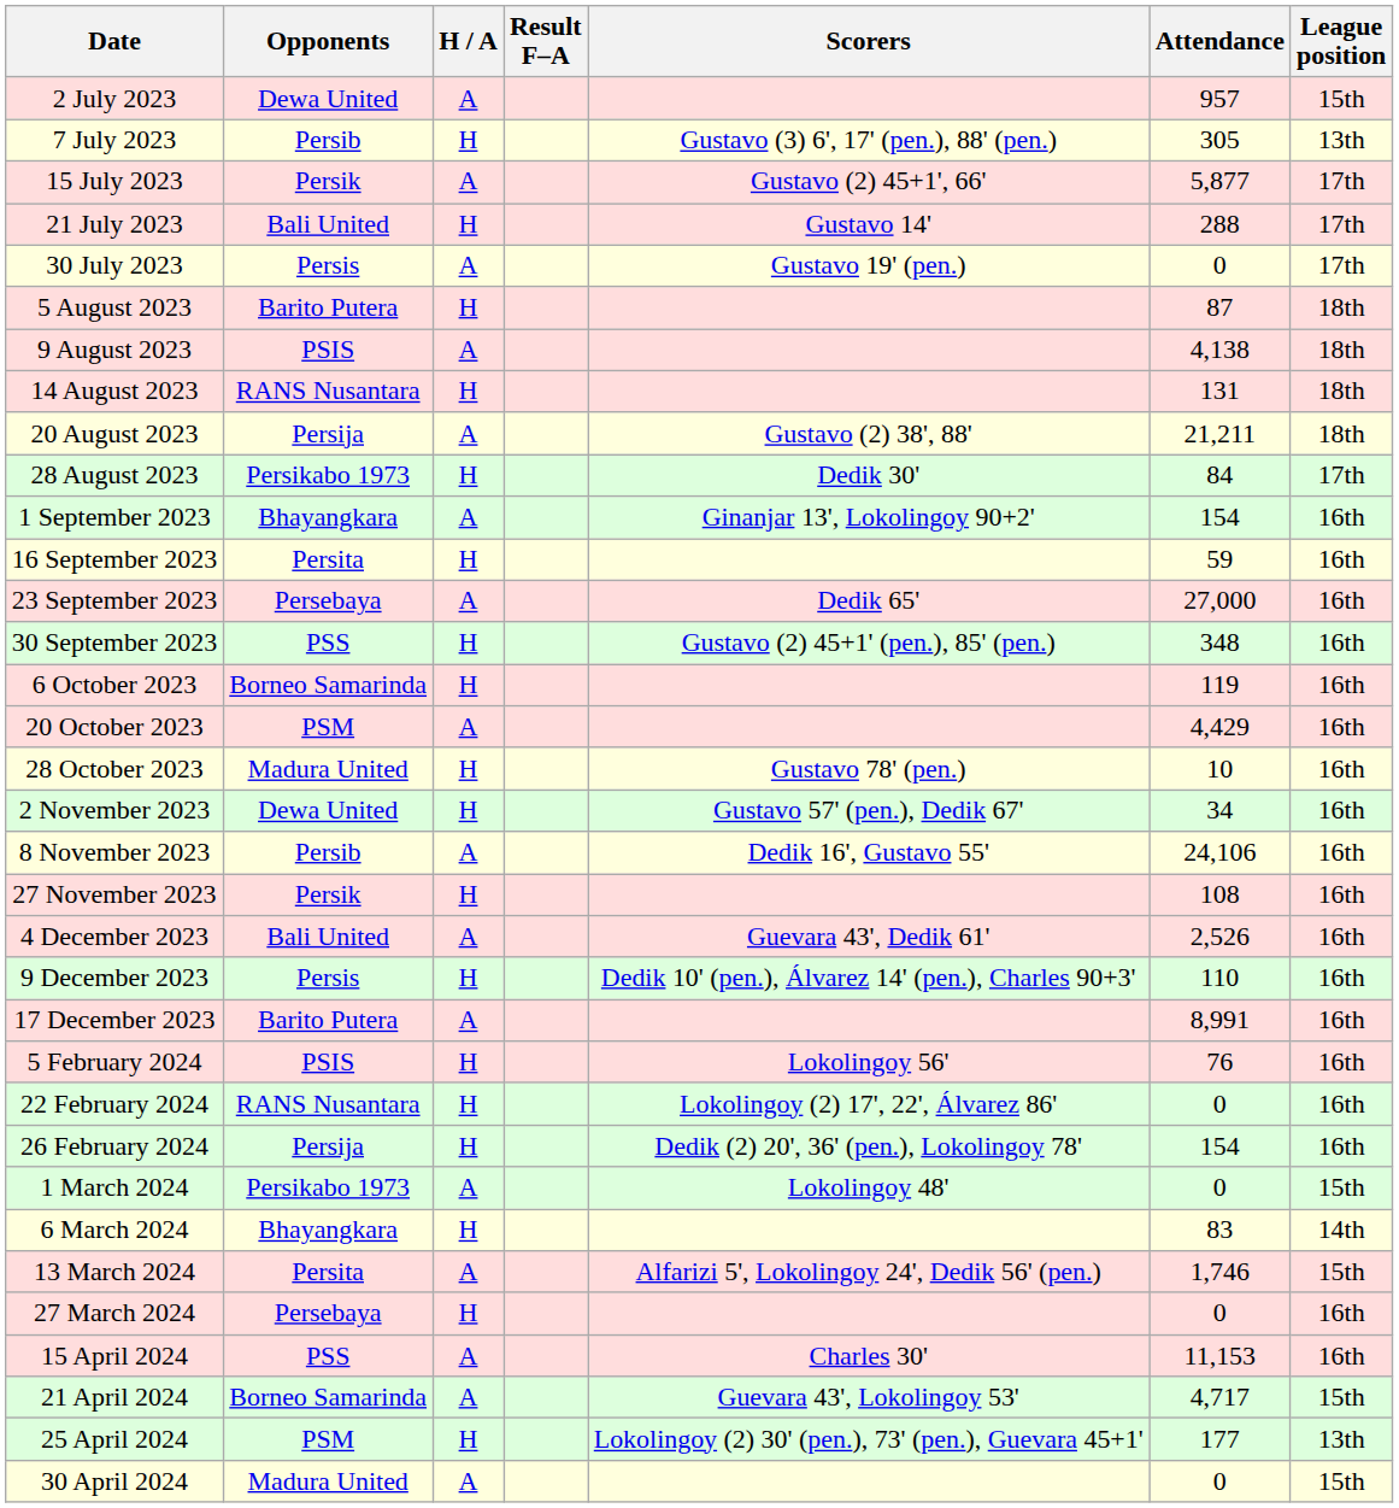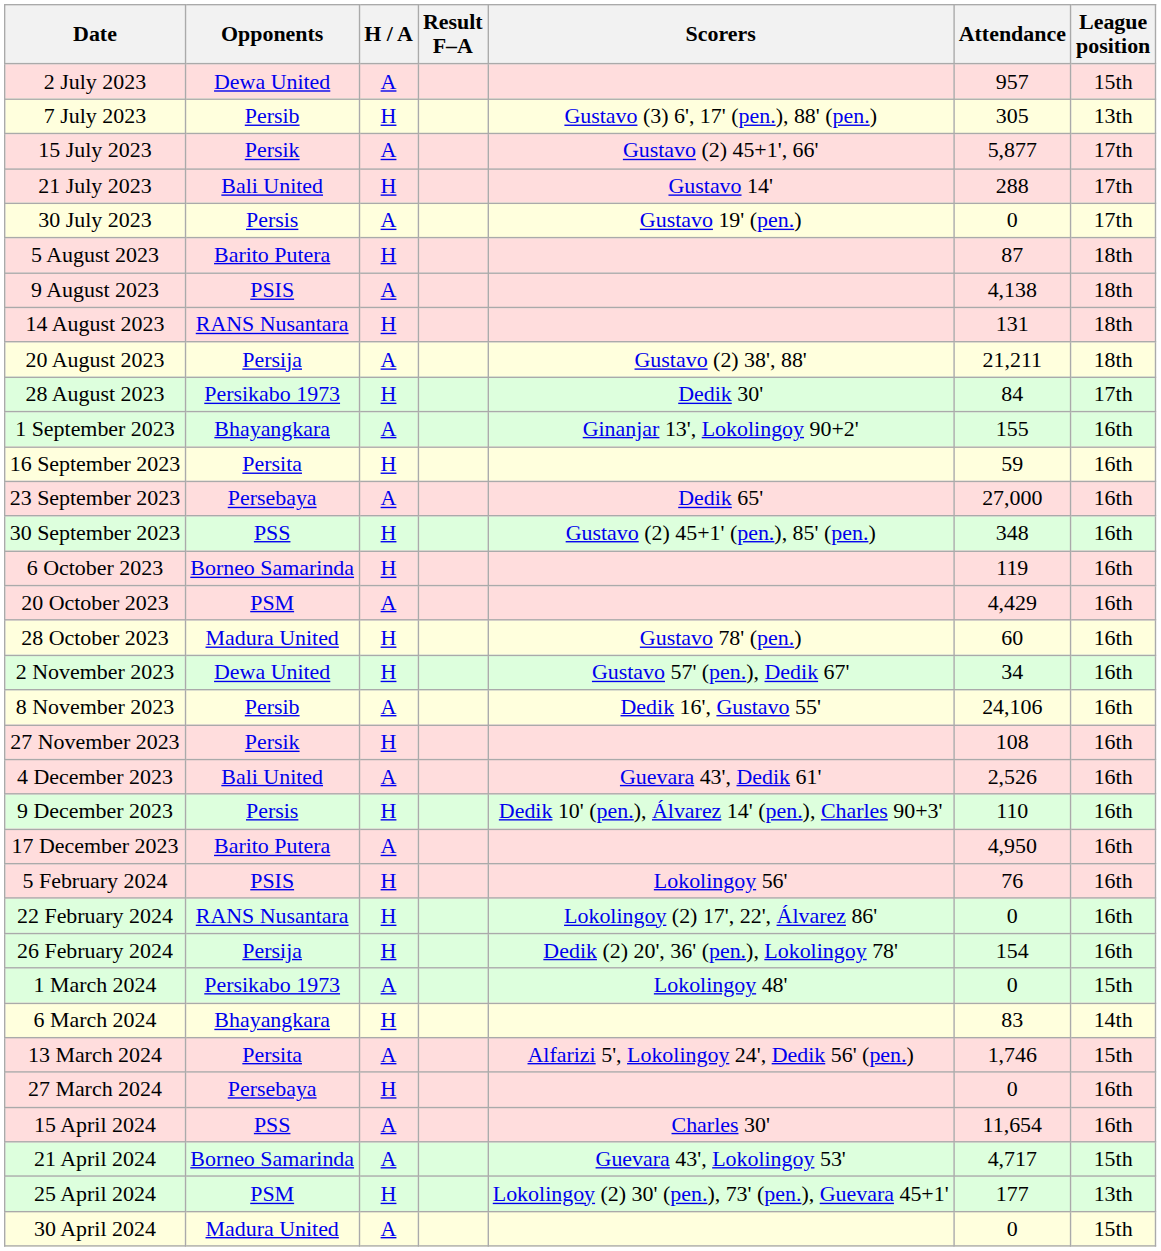 <table class="wikitable" style="text-align:center">
 <tr>
 <th>Date</th>
 <th>Opponents</th>
 <th>H / A</th>
 <th>Result<br>F–A</th>
 <th>Scorers</th>
 <th>Attendance</th>
 <th>League<br>position</th>
 </tr>
 <tr style="background:#ffdddd">
 <td>2 July 2023</td>
 <td><a href='#'>Dewa United</a></td>
 <td><a href='#'>A</a></td>
 <td></td>
 <td></td>
 <td>957</td>
 <td>15th</td>
 </tr>
 <tr style="background:#ffffdd">
 <td>7 July 2023</td>
 <td><a href='#'>Persib</a></td>
 <td><a href='#'>H</a></td>
 <td></td>
 <td><a href='#'>Gustavo</a> (3) 6', 17' (<a href='#'>pen.</a>), 88' (<a href='#'>pen.</a>)</td>
 <td>305</td>
 <td>13th</td>
 </tr>
 <tr style="background:#ffdddd">
 <td>15 July 2023</td>
 <td><a href='#'>Persik</a></td>
 <td><a href='#'>A</a></td>
 <td></td>
 <td><a href='#'>Gustavo</a> (2) 45+1', 66'</td>
 <td>5,877</td>
 <td>17th</td>
 </tr>
 <tr style="background:#ffdddd">
 <td>21 July 2023</td>
 <td><a href='#'>Bali United</a></td>
 <td><a href='#'>H</a></td>
 <td></td>
 <td><a href='#'>Gustavo</a> 14'</td>
 <td>288</td>
 <td>17th</td>
 </tr>
 <tr style="background:#ffffdd">
 <td>30 July 2023</td>
 <td><a href='#'>Persis</a></td>
 <td><a href='#'>A</a></td>
 <td></td>
 <td><a href='#'>Gustavo</a> 19' (<a href='#'>pen.</a>)</td>
 <td>0</td>
 <td>17th</td>
 </tr>
 <tr style="background:#ffdddd">
 <td>5 August 2023</td>
 <td><a href='#'>Barito Putera</a></td>
 <td><a href='#'>H</a></td>
 <td></td>
 <td></td>
 <td>87</td>
 <td>18th</td>
 </tr>
 <tr style="background:#ffdddd">
 <td>9 August 2023</td>
 <td><a href='#'>PSIS</a></td>
 <td><a href='#'>A</a></td>
 <td></td>
 <td></td>
 <td>4,138</td>
 <td>18th</td>
 </tr>
 <tr style="background:#ffdddd">
 <td>14 August 2023</td>
 <td><a href='#'>RANS Nusantara</a></td>
 <td><a href='#'>H</a></td>
 <td></td>
 <td></td>
 <td>131</td>
 <td>18th</td>
 </tr>
 <tr style="background:#ffffdd">
 <td>20 August 2023</td>
 <td><a href='#'>Persija</a></td>
 <td><a href='#'>A</a></td>
 <td></td>
 <td><a href='#'>Gustavo</a> (2) 38', 88'</td>
 <td>21,211</td>
 <td>18th</td>
 </tr>
 <tr style="background:#ddffdd">
 <td>28 August 2023</td>
 <td><a href='#'>Persikabo 1973</a></td>
 <td><a href='#'>H</a></td>
 <td></td>
 <td><a href='#'>Dedik</a> 30'</td>
 <td>84</td>
 <td>17th</td>
 </tr>
 <tr style="background:#ddffdd">
 <td>1 September 2023</td>
 <td><a href='#'>Bhayangkara</a></td>
 <td><a href='#'>A</a></td>
 <td></td>
 <td><a href='#'>Ginanjar</a> 13', <a href='#'>Lokolingoy</a> 90+2'</td>
-<td>154</td>
+<td>155</td>
 <td>16th</td>
 </tr>
 <tr style="background:#ffffdd">
 <td>16 September 2023</td>
 <td><a href='#'>Persita</a></td>
 <td><a href='#'>H</a></td>
 <td></td>
 <td></td>
 <td>59</td>
 <td>16th</td>
 </tr>
 <tr style="background:#ffdddd">
 <td>23 September 2023</td>
 <td><a href='#'>Persebaya</a></td>
 <td><a href='#'>A</a></td>
 <td></td>
 <td><a href='#'>Dedik</a> 65'</td>
 <td>27,000</td>
 <td>16th</td>
 </tr>
 <tr style="background:#ddffdd">
 <td>30 September 2023</td>
 <td><a href='#'>PSS</a></td>
 <td><a href='#'>H</a></td>
 <td></td>
 <td><a href='#'>Gustavo</a> (2) 45+1' (<a href='#'>pen.</a>), 85' (<a href='#'>pen.</a>)</td>
 <td>348</td>
 <td>16th</td>
 </tr>
 <tr style="background:#ffdddd">
 <td>6 October 2023</td>
 <td><a href='#'>Borneo Samarinda</a></td>
 <td><a href='#'>H</a></td>
 <td></td>
 <td></td>
 <td>119</td>
 <td>16th</td>
 </tr>
 <tr style="background:#ffdddd">
 <td>20 October 2023</td>
 <td><a href='#'>PSM</a></td>
 <td><a href='#'>A</a></td>
 <td></td>
 <td></td>
 <td>4,429</td>
 <td>16th</td>
 </tr>
 <tr style="background:#ffffdd">
 <td>28 October 2023</td>
 <td><a href='#'>Madura United</a></td>
 <td><a href='#'>H</a></td>
 <td></td>
 <td><a href='#'>Gustavo</a> 78' (<a href='#'>pen.</a>)</td>
-<td>10</td>
+<td>60</td>
 <td>16th</td>
 </tr>
 <tr style="background:#ddffdd">
 <td>2 November 2023</td>
 <td><a href='#'>Dewa United</a></td>
 <td><a href='#'>H</a></td>
 <td></td>
 <td><a href='#'>Gustavo</a> 57' (<a href='#'>pen.</a>), <a href='#'>Dedik</a> 67'</td>
 <td>34</td>
 <td>16th</td>
 </tr>
 <tr style="background:#ffffdd">
 <td>8 November 2023</td>
 <td><a href='#'>Persib</a></td>
 <td><a href='#'>A</a></td>
 <td></td>
 <td><a href='#'>Dedik</a> 16', <a href='#'>Gustavo</a> 55'</td>
 <td>24,106</td>
 <td>16th</td>
 </tr>
 <tr style="background:#ffdddd">
 <td>27 November 2023</td>
 <td><a href='#'>Persik</a></td>
 <td><a href='#'>H</a></td>
 <td></td>
 <td></td>
 <td>108</td>
 <td>16th</td>
 </tr>
 <tr style="background:#ffdddd">
 <td>4 December 2023</td>
 <td><a href='#'>Bali United</a></td>
 <td><a href='#'>A</a></td>
 <td></td>
 <td><a href='#'>Guevara</a> 43', <a href='#'>Dedik</a> 61'</td>
 <td>2,526</td>
 <td>16th</td>
 </tr>
 <tr style="background:#ddffdd">
 <td>9 December 2023</td>
 <td><a href='#'>Persis</a></td>
 <td><a href='#'>H</a></td>
 <td></td>
 <td><a href='#'>Dedik</a> 10' (<a href='#'>pen.</a>), <a href='#'>Álvarez</a> 14' (<a href='#'>pen.</a>), <a href='#'>Charles</a> 90+3'</td>
 <td>110</td>
 <td>16th</td>
 </tr>
 <tr style="background:#ffdddd">
 <td>17 December 2023</td>
 <td><a href='#'>Barito Putera</a></td>
 <td><a href='#'>A</a></td>
 <td></td>
 <td></td>
-<td>8,991</td>
+<td>4,950</td>
 <td>16th</td>
 </tr>
 <tr style="background:#ffdddd">
 <td>5 February 2024</td>
 <td><a href='#'>PSIS</a></td>
 <td><a href='#'>H</a></td>
 <td></td>
 <td><a href='#'>Lokolingoy</a> 56'</td>
 <td>76</td>
 <td>16th</td>
 </tr>
 <tr style="background:#ddffdd">
 <td>22 February 2024</td>
 <td><a href='#'>RANS Nusantara</a></td>
 <td><a href='#'>H</a></td>
 <td></td>
 <td><a href='#'>Lokolingoy</a> (2) 17', 22', <a href='#'>Álvarez</a> 86'</td>
 <td>0</td>
 <td>16th</td>
 </tr>
 <tr style="background:#ddffdd">
 <td>26 February 2024</td>
 <td><a href='#'>Persija</a></td>
 <td><a href='#'>H</a></td>
 <td></td>
 <td><a href='#'>Dedik</a> (2) 20', 36' (<a href='#'>pen.</a>), <a href='#'>Lokolingoy</a> 78'</td>
 <td>154</td>
 <td>16th</td>
 </tr>
 <tr style="background:#ddffdd">
 <td>1 March 2024</td>
 <td><a href='#'>Persikabo 1973</a></td>
 <td><a href='#'>A</a></td>
 <td></td>
 <td><a href='#'>Lokolingoy</a> 48'</td>
 <td>0</td>
 <td>15th</td>
 </tr>
 <tr style="background:#ffffdd">
 <td>6 March 2024</td>
 <td><a href='#'>Bhayangkara</a></td>
 <td><a href='#'>H</a></td>
 <td></td>
 <td></td>
 <td>83</td>
 <td>14th</td>
 </tr>
 <tr style="background:#ffdddd">
 <td>13 March 2024</td>
 <td><a href='#'>Persita</a></td>
 <td><a href='#'>A</a></td>
 <td></td>
 <td><a href='#'>Alfarizi</a> 5', <a href='#'>Lokolingoy</a> 24', <a href='#'>Dedik</a> 56' (<a href='#'>pen.</a>)</td>
 <td>1,746</td>
 <td>15th</td>
 </tr>
 <tr style="background:#ffdddd">
 <td>27 March 2024</td>
 <td><a href='#'>Persebaya</a></td>
 <td><a href='#'>H</a></td>
 <td></td>
 <td></td>
 <td>0</td>
 <td>16th</td>
 </tr>
 <tr style="background:#ffdddd">
 <td>15 April 2024</td>
 <td><a href='#'>PSS</a></td>
 <td><a href='#'>A</a></td>
 <td></td>
 <td><a href='#'>Charles</a> 30'</td>
-<td>11,153</td>
+<td>11,654</td>
 <td>16th</td>
 </tr>
 <tr style="background:#ddffdd">
 <td>21 April 2024</td>
 <td><a href='#'>Borneo Samarinda</a></td>
 <td><a href='#'>A</a></td>
 <td></td>
 <td><a href='#'>Guevara</a> 43', <a href='#'>Lokolingoy</a> 53'</td>
 <td>4,717</td>
 <td>15th</td>
 </tr>
 <tr style="background:#ddffdd">
 <td>25 April 2024</td>
 <td><a href='#'>PSM</a></td>
 <td><a href='#'>H</a></td>
 <td></td>
 <td><a href='#'>Lokolingoy</a> (2) 30' (<a href='#'>pen.</a>), 73' (<a href='#'>pen.</a>), <a href='#'>Guevara</a> 45+1'</td>
 <td>177</td>
 <td>13th</td>
 </tr>
 <tr style="background:#ffffdd">
 <td>30 April 2024</td>
 <td><a href='#'>Madura United</a></td>
 <td><a href='#'>A</a></td>
 <td></td>
 <td></td>
 <td>0</td>
 <td>15th</td>
 </tr>
 </table>
